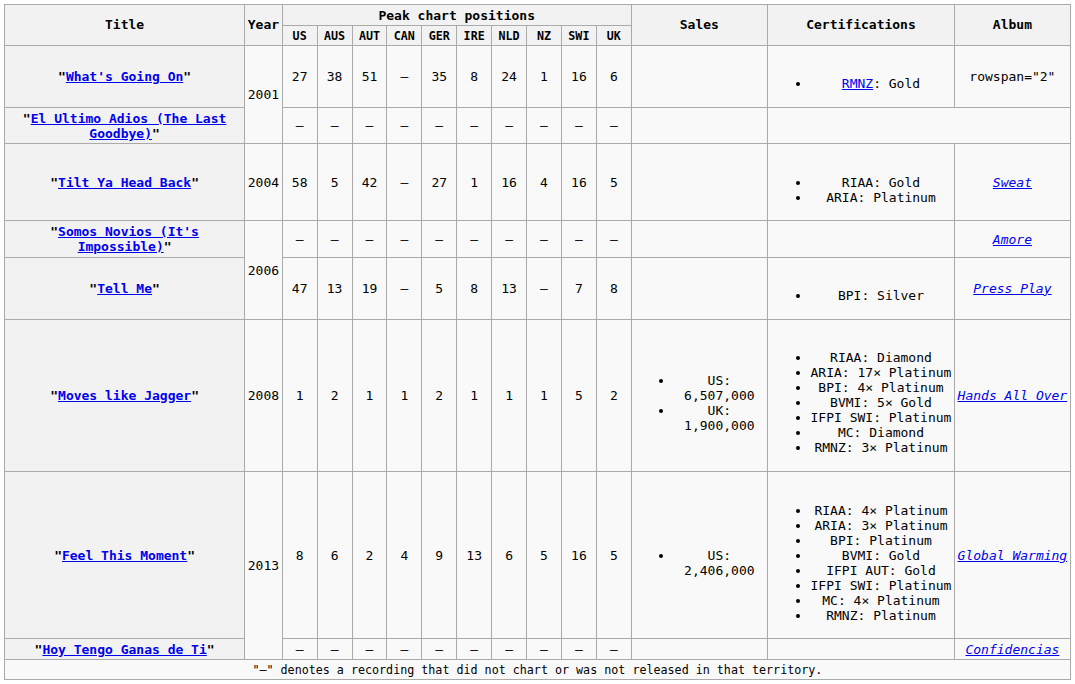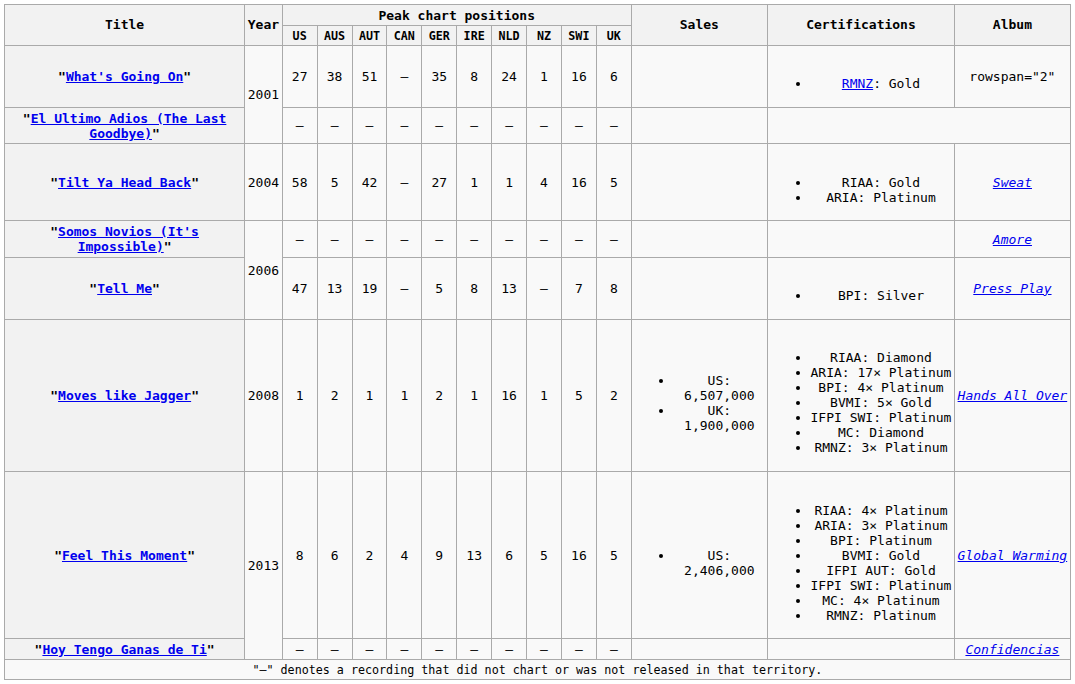 <table class="wikitable plainrowheaders" style=text-align:center;" border="1">
 <tr>
 <th scope="col" rowspan="2" style="width:18em;">Title</th>
 <th scope="col" rowspan="2" style="width:1em;">Year</th>
 <th scope="col" colspan="10">Peak chart positions</th>
 <th scope="col" rowspan="2" style="width:10em;">Sales</th>
 <th scope="col" rowspan="2">Certifications</th>
 <th scope="col" rowspan="2">Album</th>
 </tr>
 <tr>
 <th scope="col" style="width:2.5em;font-size:90%;">US<br></th>
 <th scope="col" style="width:2.5em;font-size:90%;">AUS<br></th>
 <th scope="col" style="width:2.5em;font-size:90%;">AUT<br></th>
 <th scope="col" style="width:2.5em;font-size:90%;">CAN<br></th>
 <th scope="col" style="width:2.5em;font-size:90%;">GER<br></th>
 <th scope="col" style="width:2.5em;font-size:90%;">IRE<br></th>
 <th scope="col" style="width:2.5em;font-size:90%;">NLD<br></th>
 <th scope="col" style="width:2.5em;font-size:90%;">NZ<br></th>
 <th scope="col" style="width:2.5em;font-size:90%;">SWI<br></th>
 <th scope="col" style="width:2.5em;font-size:90%;">UK<br></th>
 </tr>
 <tr>
 <th scope="row">"<a href='#'>What's Going On</a>"<br></th>
 <td rowspan="2">2001</td>
 <td>27</td>
 <td>38</td>
 <td>51</td>
 <td>—</td>
 <td>35</td>
 <td>8</td>
 <td>24</td>
 <td>1</td>
 <td>16</td>
 <td>6</td>
 <td></td>
 <td><br><ul><li><a href='#'>RMNZ</a>: Gold</li></ul></td>
 <td>rowspan="2" </td>
 </tr>
 <tr>
 <th scope="row">"<a href='#'>El Ultimo Adios (The Last Goodbye)</a>" <br> </th>
 <td>—</td>
 <td>—</td>
 <td>—</td>
 <td>—</td>
 <td>—</td>
 <td>—</td>
 <td>—</td>
 <td>—</td>
 <td>—</td>
 <td>—</td>
 <td></td>
 </tr>
 <tr>
 <th scope="row">"<a href='#'>Tilt Ya Head Back</a>" <br></th>
 <td>2004</td>
 <td>58</td>
 <td>5</td>
 <td>42</td>
 <td>—</td>
 <td>27</td>
 <td>1</td>
-<td>16</td>
+<td>1</td>
 <td>4</td>
 <td>16</td>
 <td>5</td>
 <td></td>
 <td><br><ul><li>RIAA: Gold</li><li>ARIA: Platinum</li></ul></td>
 <td><em><a href='#'>Sweat</a></em></td>
 </tr>
 <tr>
 <th scope="row">"<a href='#'>Somos Novios (It's Impossible)</a>" <br></th>
 <td rowspan="2">2006</td>
 <td>—</td>
 <td>—</td>
 <td>—</td>
 <td>—</td>
 <td>—</td>
 <td>—</td>
 <td>—</td>
 <td>—</td>
 <td>—</td>
 <td>—</td>
 <td></td>
 <td></td>
 <td><em><a href='#'>Amore</a></em></td>
 </tr>
 <tr>
 <th scope="row">"<a href='#'>Tell Me</a>" <br></th>
 <td>47</td>
 <td>13</td>
 <td>19</td>
 <td>—</td>
 <td>5</td>
 <td>8</td>
 <td>13</td>
 <td>—</td>
 <td>7</td>
 <td>8</td>
 <td></td>
 <td><br><ul><li>BPI: Silver</li></ul></td>
 <td><em><a href='#'>Press Play</a></em></td>
 </tr>
 <tr>
 <th scope="row">"<a href='#'>Moves like Jagger</a>"<br></th>
 <td>2008</td>
 <td>1</td>
 <td>2</td>
 <td>1</td>
 <td>1</td>
 <td>2</td>
 <td>1</td>
-<td>1</td>
+<td>16</td>
 <td>1</td>
 <td>5</td>
 <td>2</td>
 <td><br><ul><li>US: 6,507,000</li><li>UK: 1,900,000</li></ul></td>
 <td><br><ul><li>RIAA: Diamond</li><li>ARIA: 17× Platinum</li><li>BPI: 4× Platinum</li><li>BVMI: 5× Gold</li><li>IFPI SWI: Platinum</li><li>MC: Diamond</li><li>RMNZ: 3× Platinum</li></ul></td>
 <td><em><a href='#'>Hands All Over</a></em></td>
 </tr>
 <tr>
 <th scope="row">"<a href='#'>Feel This Moment</a>"<br></th>
 <td rowspan="2">2013</td>
 <td>8</td>
 <td>6</td>
 <td>2</td>
 <td>4</td>
 <td>9</td>
 <td>13</td>
 <td>6</td>
 <td>5</td>
 <td>16</td>
 <td>5</td>
 <td><br><ul><li>US: 2,406,000</li></ul></td>
 <td><br><ul><li>RIAA: 4× Platinum</li><li>ARIA: 3× Platinum</li><li>BPI: Platinum</li><li>BVMI: Gold</li><li>IFPI AUT: Gold</li><li>IFPI SWI: Platinum</li><li>MC: 4× Platinum</li><li>RMNZ: Platinum</li></ul></td>
 <td><em><a href='#'>Global Warming</a></em></td>
 </tr>
 <tr>
 <th scope="row">"<a href='#'>Hoy Tengo Ganas de Ti</a>" <br></th>
 <td>—</td>
 <td>—</td>
 <td>—</td>
 <td>—</td>
 <td>—</td>
 <td>—</td>
 <td>—</td>
 <td>—</td>
 <td>—</td>
 <td>—</td>
 <td></td>
 <td></td>
 <td><em><a href='#'>Confidencias</a></em></td>
 </tr>
 <tr>
 <td colspan="15" style="font-size:90%">"—" denotes a recording that did not chart or was not released in that territory.</td>
 </tr>
 </table>
